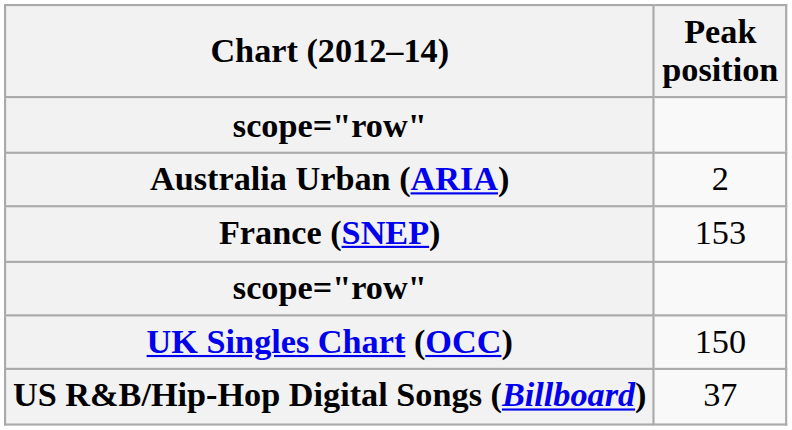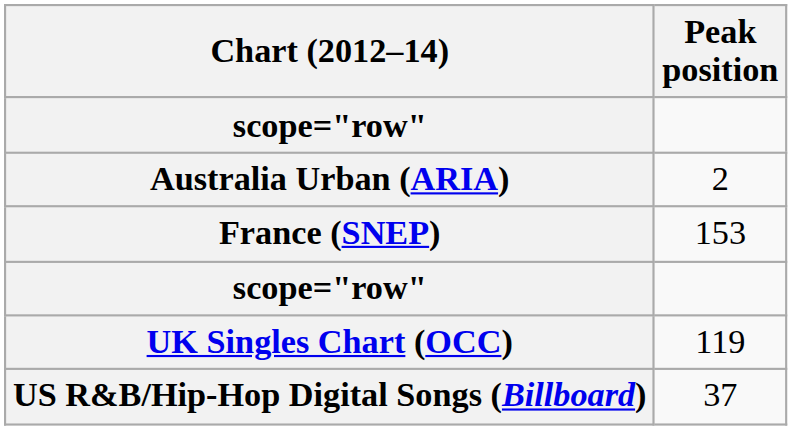 <table class="wikitable sortable plainrowheaders" style="text-align:center;">
 <tr>
 <th>Chart (2012–14)</th>
 <th>Peak<br>position</th>
 </tr>
 <tr>
 <th>scope="row" </th>
 </tr>
 <tr>
 <th scope="row">Australia Urban (<a href='#'>ARIA</a>)</th>
 <td>2</td>
 </tr>
 <tr>
 <th scope="row">France (<a href='#'>SNEP</a>)</th>
 <td>153</td>
 </tr>
 <tr>
 <th>scope="row" </th>
 </tr>
 <tr>
 <th scope="row"><a href='#'>UK Singles Chart</a> (<a href='#'>OCC</a>)</th>
-<td>150</td>
+<td>119</td>
 </tr>
 <tr>
 <th scope="row">US R&B/Hip-Hop Digital Songs (<em><a href='#'>Billboard</a></em>)</th>
 <td>37</td>
 </tr>
 </table>
